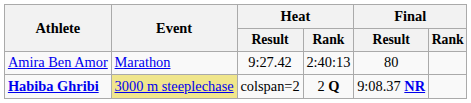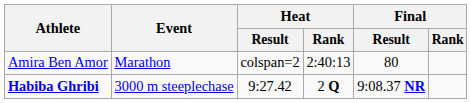 <table class="wikitable" style="font-size:90%">
 <tr>
 <th rowspan="2">Athlete</th>
 <th rowspan="2">Event</th>
 <th colspan="2">Heat</th>
 <th colspan="2">Final</th>
 </tr>
 <tr style="font-size:95%">
 <th>Result</th>
 <th>Rank</th>
 <th>Result</th>
 <th>Rank</th>
 </tr>
 <tr align=center>
 <td align=left><a href='#'>Amira Ben Amor</a></td>
 <td align=left><a href='#'>Marathon</a></td>
-<td>9:27.42</td>
+<td>colspan=2 </td>
 <td>2:40:13</td>
 <td>80</td>
 </tr>
 <tr align=center>
 <td align=left><strong><a href='#'>Habiba Ghribi</a></strong></td>
-<td align=left style="background: khaki;"><a href='#'>3000 m steeplechase</a></td>
-<td>colspan=2 </td>
+<td align=left><a href='#'>3000 m steeplechase</a></td>
+<td>9:27.42</td>
 <td>2 <strong>Q</strong></td>
 <td>9:08.37 <strong><a href='#'>NR</a></strong></td>
 <td></td>
 </tr>
 </table>
